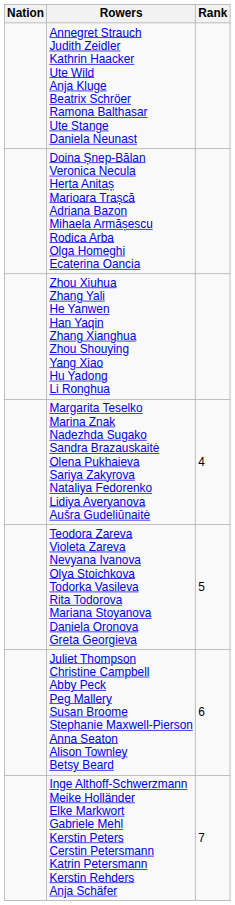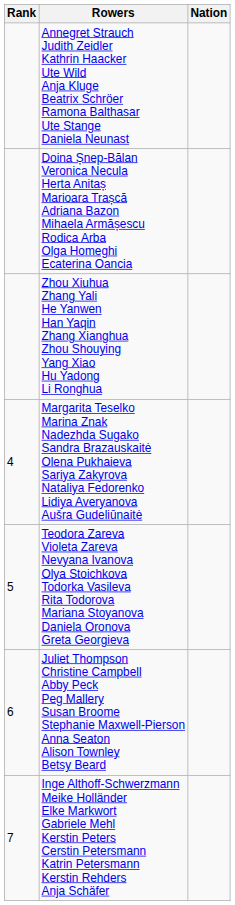 <table class="wikitable sortable">
 <tr>
+<th>Rank</th>
+<th>Rowers</th>
 <th>Nation</th>
-<th>Rowers</th>
-<th>Rank</th>
 </tr>
 <tr>
 <td></td>
 <td><a href='#'>Annegret Strauch</a><br><a href='#'>Judith Zeidler</a><br><a href='#'>Kathrin Haacker</a><br><a href='#'>Ute Wild</a><br><a href='#'>Anja Kluge</a><br><a href='#'>Beatrix Schröer</a><br><a href='#'>Ramona Balthasar</a><br><a href='#'>Ute Stange</a><br><a href='#'>Daniela Neunast</a></td>
 <td></td>
 </tr>
 <tr>
 <td></td>
 <td><a href='#'>Doina Șnep-Bălan</a><br><a href='#'>Veronica Necula</a><br><a href='#'>Herta Anitaș</a><br><a href='#'>Marioara Trașcă</a><br><a href='#'>Adriana Bazon</a><br><a href='#'>Mihaela Armășescu</a><br><a href='#'>Rodica Arba</a><br><a href='#'>Olga Homeghi</a><br><a href='#'>Ecaterina Oancia</a></td>
 <td></td>
 </tr>
 <tr>
 <td></td>
 <td><a href='#'>Zhou Xiuhua</a><br><a href='#'>Zhang Yali</a><br><a href='#'>He Yanwen</a><br><a href='#'>Han Yaqin</a><br><a href='#'>Zhang Xianghua</a><br><a href='#'>Zhou Shouying</a><br><a href='#'>Yang Xiao</a><br><a href='#'>Hu Yadong</a><br><a href='#'>Li Ronghua</a></td>
 <td></td>
 </tr>
 <tr>
+<td>4</td>
+<td><a href='#'>Margarita Teselko</a><br><a href='#'>Marina Znak</a><br><a href='#'>Nadezhda Sugako</a><br><a href='#'>Sandra Brazauskaitė</a><br><a href='#'>Olena Pukhaieva</a><br><a href='#'>Sariya Zakyrova</a><br><a href='#'>Nataliya Fedorenko</a><br><a href='#'>Lidiya Averyanova</a><br><a href='#'>Aušra Gudeliūnaitė</a></td>
 <td></td>
-<td><a href='#'>Margarita Teselko</a><br><a href='#'>Marina Znak</a><br><a href='#'>Nadezhda Sugako</a><br><a href='#'>Sandra Brazauskaitė</a><br><a href='#'>Olena Pukhaieva</a><br><a href='#'>Sariya Zakyrova</a><br><a href='#'>Nataliya Fedorenko</a><br><a href='#'>Lidiya Averyanova</a><br><a href='#'>Aušra Gudeliūnaitė</a></td>
-<td>4</td>
 </tr>
 <tr>
+<td>5</td>
+<td><a href='#'>Teodora Zareva</a><br><a href='#'>Violeta Zareva</a><br><a href='#'>Nevyana Ivanova</a><br><a href='#'>Olya Stoichkova</a><br><a href='#'>Todorka Vasileva</a><br><a href='#'>Rita Todorova</a><br><a href='#'>Mariana Stoyanova</a><br><a href='#'>Daniela Oronova</a><br><a href='#'>Greta Georgieva</a></td>
 <td></td>
-<td><a href='#'>Teodora Zareva</a><br><a href='#'>Violeta Zareva</a><br><a href='#'>Nevyana Ivanova</a><br><a href='#'>Olya Stoichkova</a><br><a href='#'>Todorka Vasileva</a><br><a href='#'>Rita Todorova</a><br><a href='#'>Mariana Stoyanova</a><br><a href='#'>Daniela Oronova</a><br><a href='#'>Greta Georgieva</a></td>
-<td>5</td>
 </tr>
 <tr>
+<td>6</td>
+<td><a href='#'>Juliet Thompson</a><br><a href='#'>Christine Campbell</a><br><a href='#'>Abby Peck</a><br><a href='#'>Peg Mallery</a><br><a href='#'>Susan Broome</a><br><a href='#'>Stephanie Maxwell-Pierson</a><br><a href='#'>Anna Seaton</a><br><a href='#'>Alison Townley</a><br><a href='#'>Betsy Beard</a></td>
 <td></td>
-<td><a href='#'>Juliet Thompson</a><br><a href='#'>Christine Campbell</a><br><a href='#'>Abby Peck</a><br><a href='#'>Peg Mallery</a><br><a href='#'>Susan Broome</a><br><a href='#'>Stephanie Maxwell-Pierson</a><br><a href='#'>Anna Seaton</a><br><a href='#'>Alison Townley</a><br><a href='#'>Betsy Beard</a></td>
-<td>6</td>
 </tr>
 <tr>
+<td>7</td>
+<td><a href='#'>Inge Althoff-Schwerzmann</a><br><a href='#'>Meike Holländer</a><br><a href='#'>Elke Markwort</a><br><a href='#'>Gabriele Mehl</a><br><a href='#'>Kerstin Peters</a><br><a href='#'>Cerstin Petersmann</a><br><a href='#'>Katrin Petersmann</a><br><a href='#'>Kerstin Rehders</a><br><a href='#'>Anja Schäfer</a></td>
 <td></td>
-<td><a href='#'>Inge Althoff-Schwerzmann</a><br><a href='#'>Meike Holländer</a><br><a href='#'>Elke Markwort</a><br><a href='#'>Gabriele Mehl</a><br><a href='#'>Kerstin Peters</a><br><a href='#'>Cerstin Petersmann</a><br><a href='#'>Katrin Petersmann</a><br><a href='#'>Kerstin Rehders</a><br><a href='#'>Anja Schäfer</a></td>
-<td>7</td>
 </tr>
 </table>
